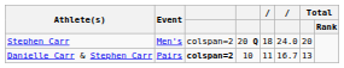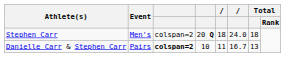 <table class="wikitable" style="font-size:90%">
 <tr>
 <th rowspan="2">Athlete(s)</th>
 <th rowspan="2">Event</th>
 <th></th>
 <th></th>
 <th>/</th>
 <th>/</th>
 <th colspan="2">Total</th>
 </tr>
 <tr>
 <th></th>
 <th></th>
 <th></th>
 <th></th>
 <th></th>
 <th>Rank</th>
 </tr>
 <tr align="center">
 <td align="left"><a href='#'>Stephen Carr</a></td>
 <td align="left"><a href='#'>Men's</a></td>
 <td>colspan=2 </td>
 <td>20 <strong>Q</strong></td>
 <td>18</td>
 <td>24.0</td>
-<td>20</td>
+<td>18</td>
 </tr>
 <tr align="center">
 <td align="left"><a href='#'>Danielle Carr</a> & <a href='#'>Stephen Carr</a></td>
 <td align="left"><a href='#'>Pairs</a></td>
 <td><strong>colspan=2 </strong></td>
 <td>10</td>
 <td>11</td>
 <td>16.7</td>
 <td>13</td>
 </tr>
 </table>
